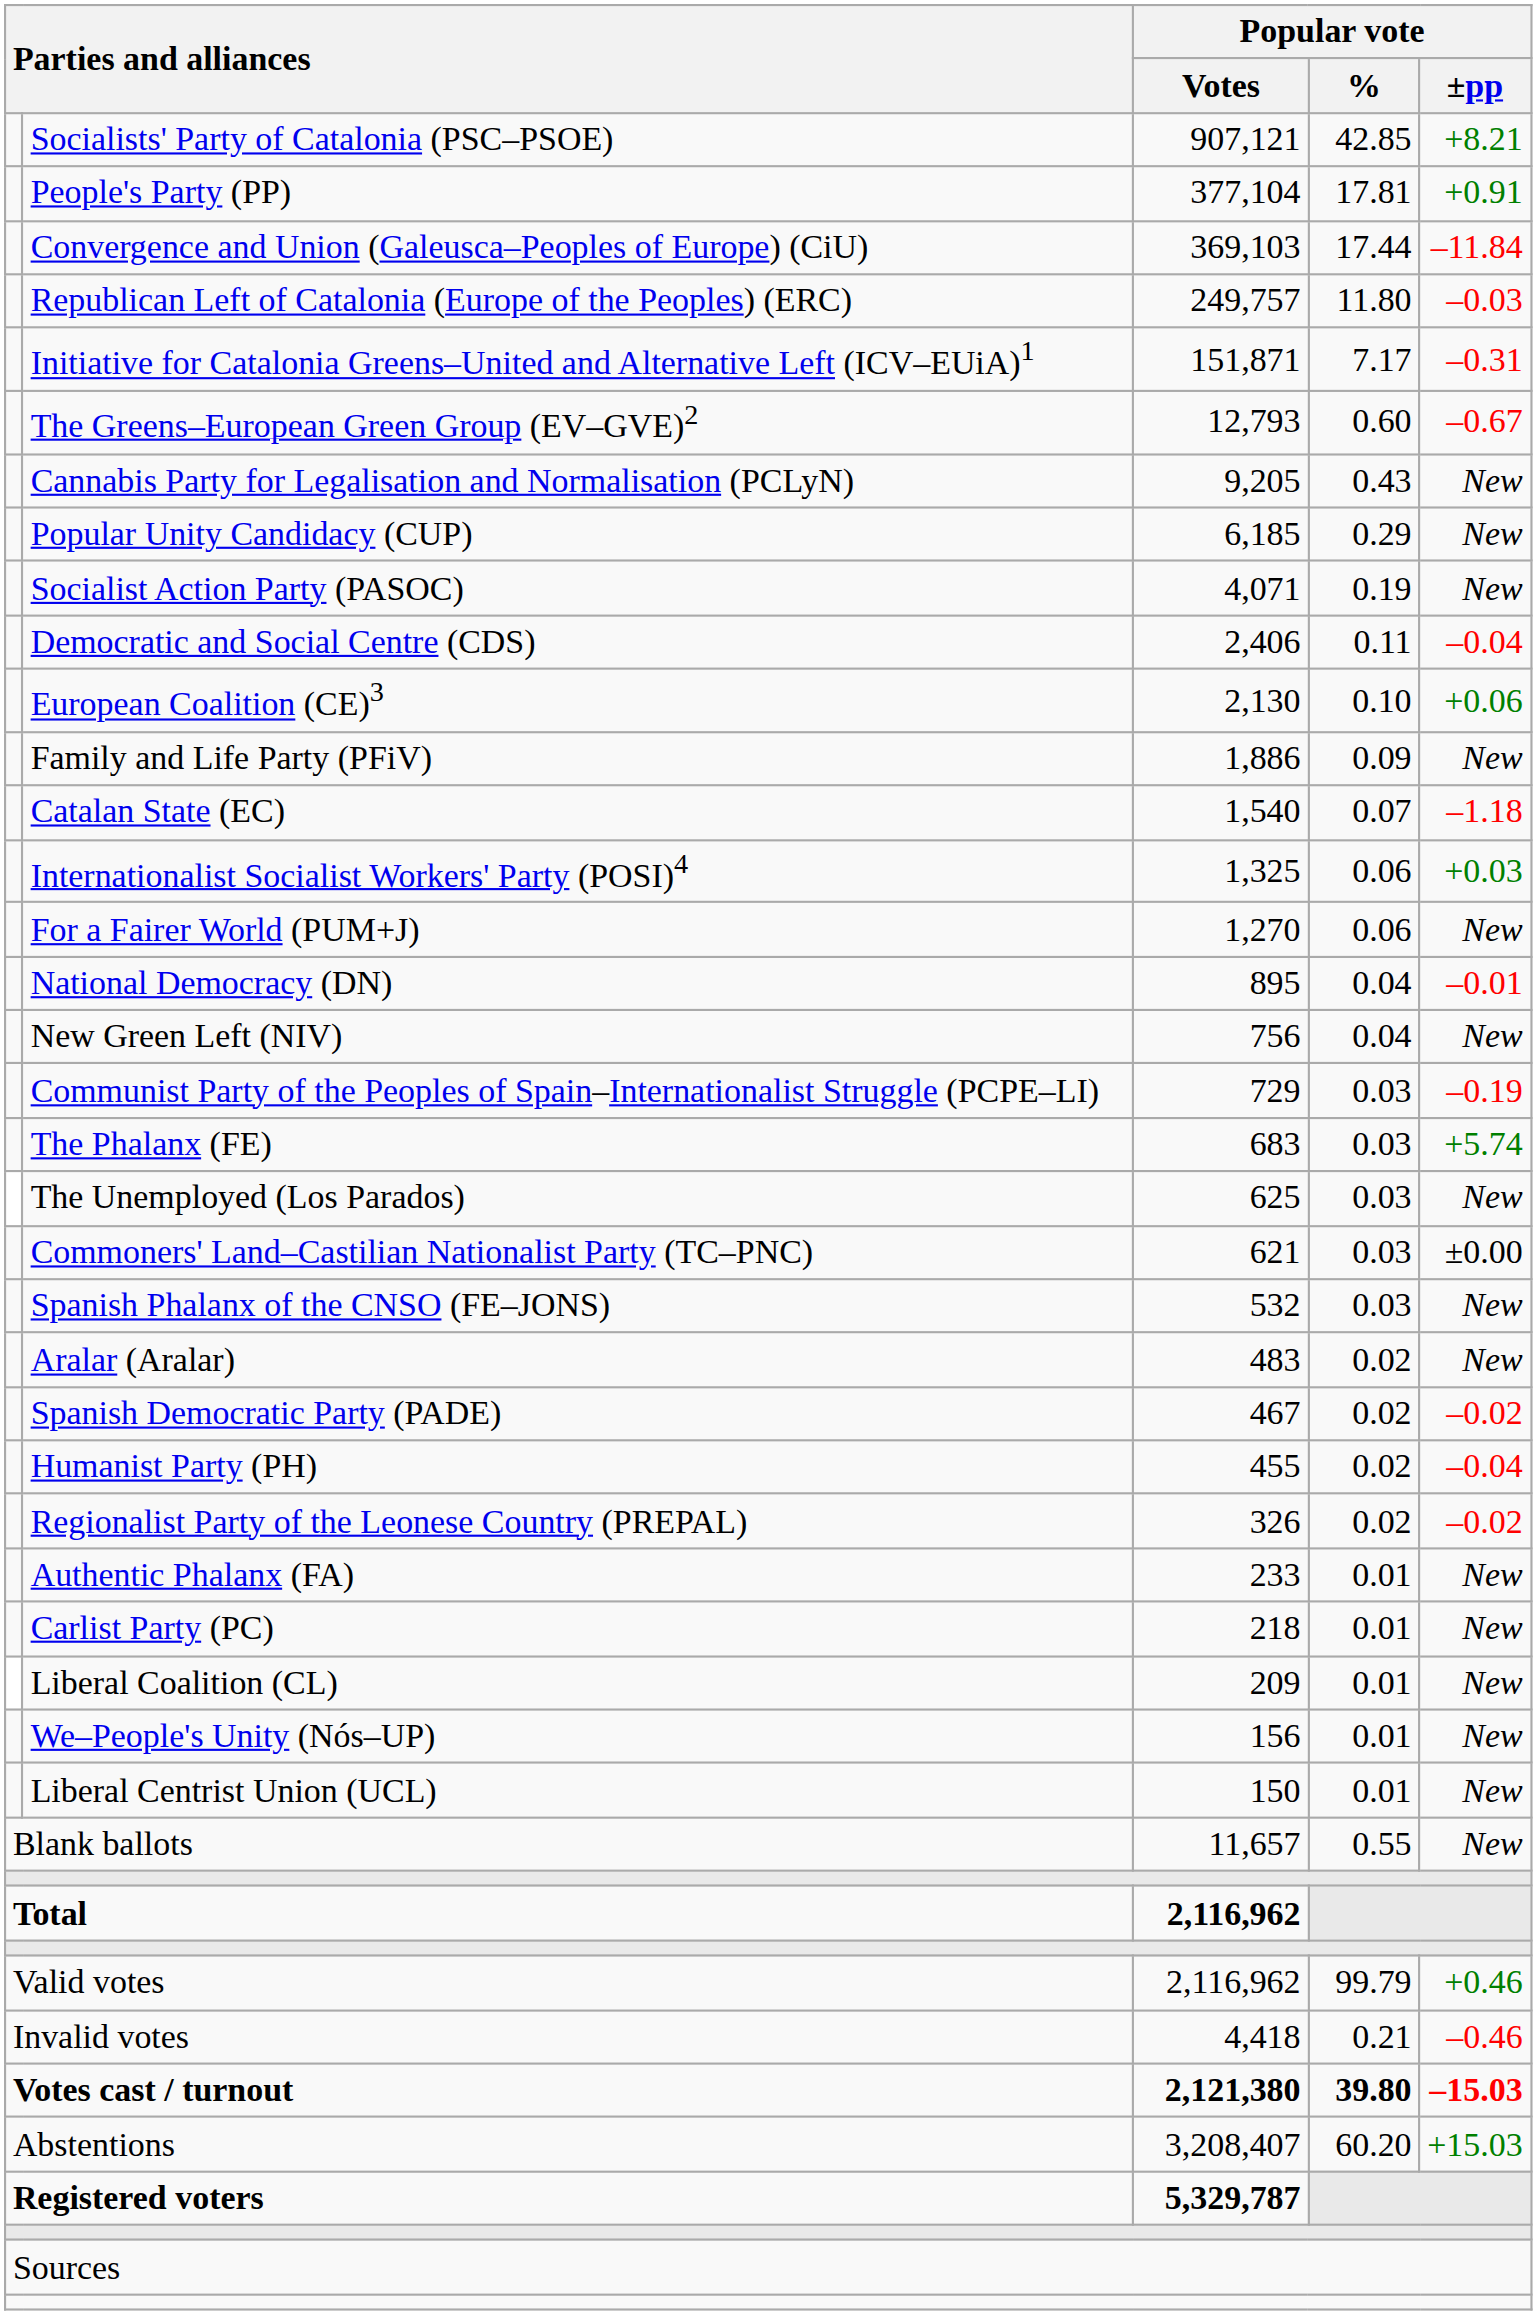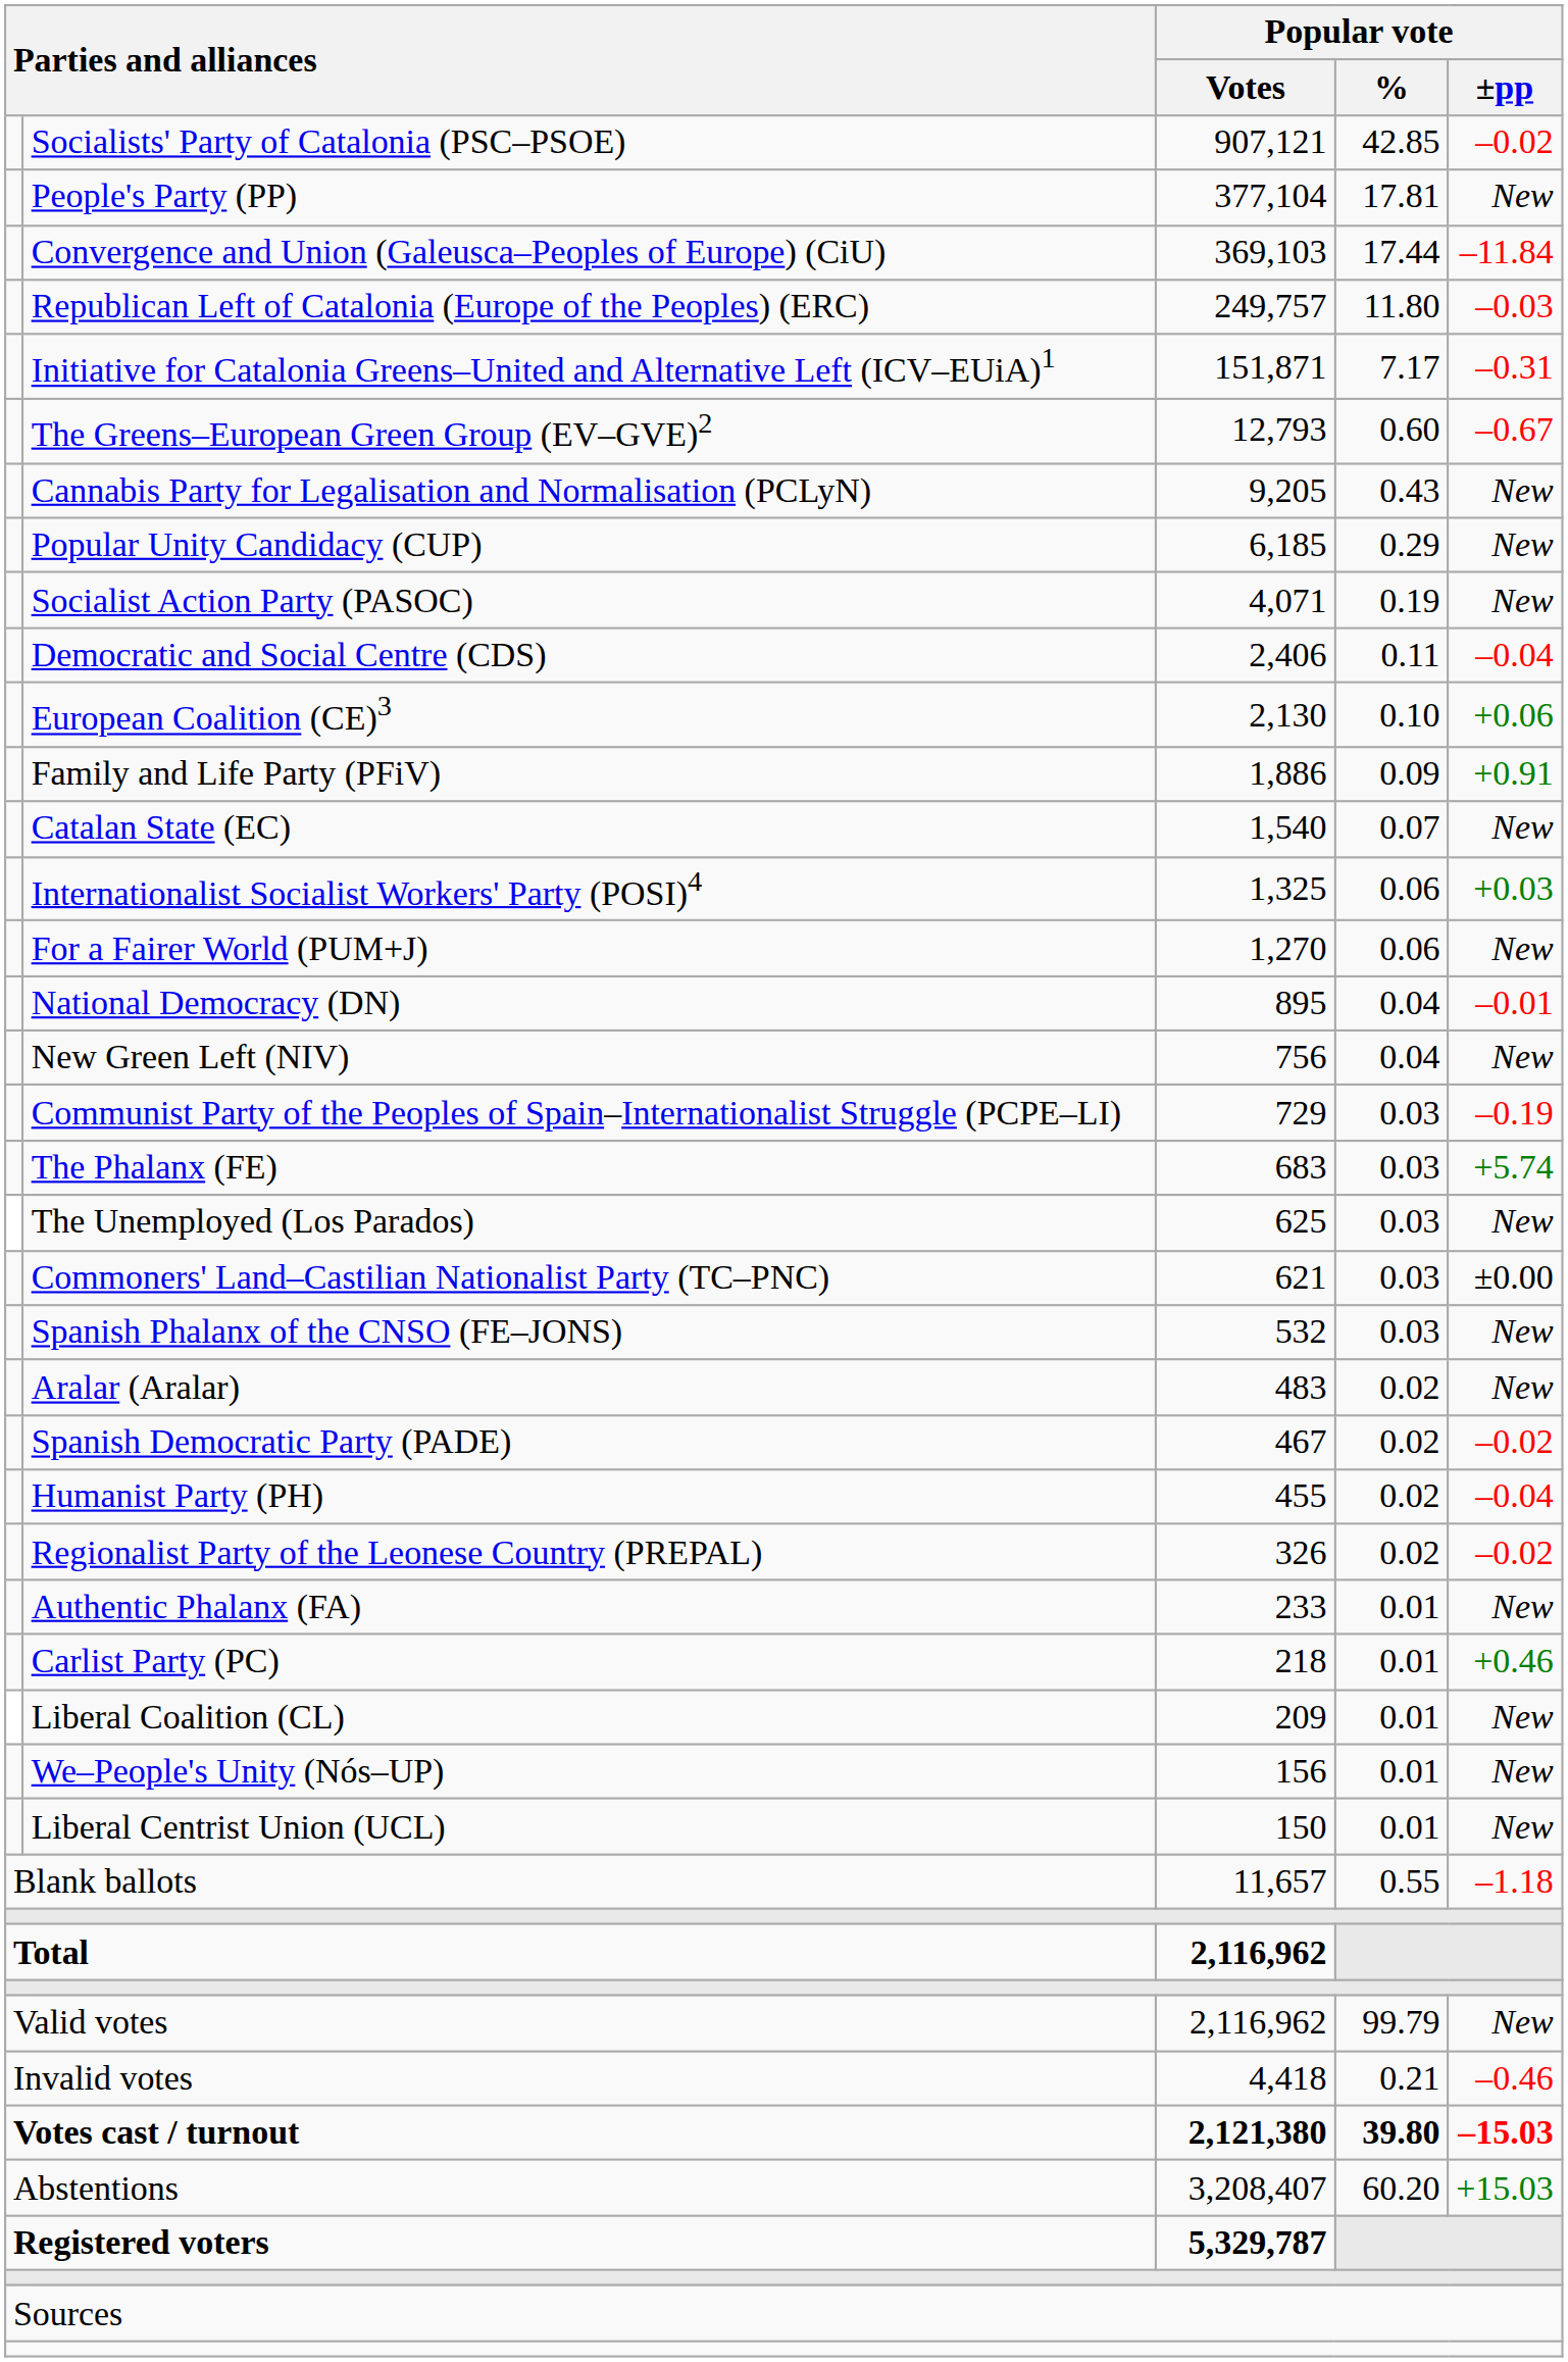 <table class="wikitable" style="text-align:right">
 <tr>
 <th style="text-align:left;" rowspan="2" colspan="2" width="525">Parties and alliances</th>
 <th colspan="3">Popular vote</th>
 </tr>
 <tr>
 <th width="75">Votes</th>
 <th width="45">%</th>
 <th width="45">±<a href='#'>pp</a></th>
 </tr>
 <tr>
 <td width="1" style="color:inherit;background:"></td>
 <td align="left"><a href='#'>Socialists' Party of Catalonia</a> (PSC–PSOE)</td>
 <td>907,121</td>
 <td>42.85</td>
-<td style="color:green;">+8.21</td>
+<td style="color:red;">–0.02</td>
 </tr>
 <tr>
 <td style="color:inherit;background:"></td>
 <td align="left"><a href='#'>People's Party</a> (PP)</td>
 <td>377,104</td>
 <td>17.81</td>
-<td style="color:green;">+0.91</td>
+<td><em>New</em></td>
 </tr>
 <tr>
 <td style="color:inherit;background:"></td>
 <td align="left"><a href='#'>Convergence and Union</a> (<a href='#'>Galeusca–Peoples of Europe</a>) (CiU)</td>
 <td>369,103</td>
 <td>17.44</td>
 <td style="color:red;">–11.84</td>
 </tr>
 <tr>
 <td style="color:inherit;background:"></td>
 <td align="left"><a href='#'>Republican Left of Catalonia</a> (<a href='#'>Europe of the Peoples</a>) (ERC)</td>
 <td>249,757</td>
 <td>11.80</td>
 <td style="color:red;">–0.03</td>
 </tr>
 <tr>
 <td style="color:inherit;background:"></td>
 <td align="left"><a href='#'>Initiative for Catalonia Greens–United and Alternative Left</a> (ICV–EUiA)<sup>1</sup></td>
 <td>151,871</td>
 <td>7.17</td>
 <td style="color:red;">–0.31</td>
 </tr>
 <tr>
 <td style="color:inherit;background:"></td>
 <td align="left"><a href='#'>The Greens–European Green Group</a> (EV–GVE)<sup>2</sup></td>
 <td>12,793</td>
 <td>0.60</td>
 <td style="color:red;">–0.67</td>
 </tr>
 <tr>
 <td style="color:inherit;background:"></td>
 <td align="left"><a href='#'>Cannabis Party for Legalisation and Normalisation</a> (PCLyN)</td>
 <td>9,205</td>
 <td>0.43</td>
 <td><em>New</em></td>
 </tr>
 <tr>
 <td style="color:inherit;background:"></td>
 <td align="left"><a href='#'>Popular Unity Candidacy</a> (CUP)</td>
 <td>6,185</td>
 <td>0.29</td>
 <td><em>New</em></td>
 </tr>
 <tr>
 <td style="color:inherit;background:"></td>
 <td align="left"><a href='#'>Socialist Action Party</a> (PASOC)</td>
 <td>4,071</td>
 <td>0.19</td>
 <td><em>New</em></td>
 </tr>
 <tr>
 <td style="color:inherit;background:"></td>
 <td align="left"><a href='#'>Democratic and Social Centre</a> (CDS)</td>
 <td>2,406</td>
 <td>0.11</td>
 <td style="color:red;">–0.04</td>
 </tr>
 <tr>
 <td style="color:inherit;background:"></td>
 <td align="left"><a href='#'>European Coalition</a> (CE)<sup>3</sup></td>
 <td>2,130</td>
 <td>0.10</td>
 <td style="color:green;">+0.06</td>
 </tr>
 <tr>
 <td style="color:inherit;background:"></td>
 <td align="left">Family and Life Party (PFiV)</td>
 <td>1,886</td>
 <td>0.09</td>
-<td><em>New</em></td>
+<td style="color:green;">+0.91</td>
 </tr>
 <tr>
 <td style="color:inherit;background:"></td>
 <td align="left"><a href='#'>Catalan State</a> (EC)</td>
 <td>1,540</td>
 <td>0.07</td>
-<td style="color:red;">–1.18</td>
+<td><em>New</em></td>
 </tr>
 <tr>
 <td style="color:inherit;background:"></td>
 <td align="left"><a href='#'>Internationalist Socialist Workers' Party</a> (POSI)<sup>4</sup></td>
 <td>1,325</td>
 <td>0.06</td>
 <td style="color:green;">+0.03</td>
 </tr>
 <tr>
 <td style="color:inherit;background:"></td>
 <td align="left"><a href='#'>For a Fairer World</a> (PUM+J)</td>
 <td>1,270</td>
 <td>0.06</td>
 <td><em>New</em></td>
 </tr>
 <tr>
 <td style="color:inherit;background:"></td>
 <td align="left"><a href='#'>National Democracy</a> (DN)</td>
 <td>895</td>
 <td>0.04</td>
 <td style="color:red;">–0.01</td>
 </tr>
 <tr>
 <td style="color:inherit;background:"></td>
 <td align="left">New Green Left (NIV)</td>
 <td>756</td>
 <td>0.04</td>
 <td><em>New</em></td>
 </tr>
 <tr>
 <td style="color:inherit;background:"></td>
 <td align="left"><a href='#'>Communist Party of the Peoples of Spain</a>–<a href='#'>Internationalist Struggle</a> (PCPE–LI)</td>
 <td>729</td>
 <td>0.03</td>
 <td style="color:red;">–0.19</td>
 </tr>
 <tr>
 <td style="color:inherit;background:"></td>
 <td align="left"><a href='#'>The Phalanx</a> (FE)</td>
 <td>683</td>
 <td>0.03</td>
 <td style="color:green;">+5.74</td>
 </tr>
 <tr>
 <td bgcolor="white"></td>
 <td align="left">The Unemployed (Los Parados)</td>
 <td>625</td>
 <td>0.03</td>
 <td><em>New</em></td>
 </tr>
 <tr>
 <td style="color:inherit;background:"></td>
 <td align="left"><a href='#'>Commoners' Land–Castilian Nationalist Party</a> (TC–PNC)</td>
 <td>621</td>
 <td>0.03</td>
 <td>±0.00</td>
 </tr>
 <tr>
 <td style="color:inherit;background:"></td>
 <td align="left"><a href='#'>Spanish Phalanx of the CNSO</a> (FE–JONS)</td>
 <td>532</td>
 <td>0.03</td>
 <td><em>New</em></td>
 </tr>
 <tr>
 <td style="color:inherit;background:"></td>
 <td align="left"><a href='#'>Aralar</a> (Aralar)</td>
 <td>483</td>
 <td>0.02</td>
 <td><em>New</em></td>
 </tr>
 <tr>
 <td style="color:inherit;background:"></td>
 <td align="left"><a href='#'>Spanish Democratic Party</a> (PADE)</td>
 <td>467</td>
 <td>0.02</td>
 <td style="color:red;">–0.02</td>
 </tr>
 <tr>
 <td style="color:inherit;background:"></td>
 <td align="left"><a href='#'>Humanist Party</a> (PH)</td>
 <td>455</td>
 <td>0.02</td>
 <td style="color:red;">–0.04</td>
 </tr>
 <tr>
 <td style="color:inherit;background:"></td>
 <td align="left"><a href='#'>Regionalist Party of the Leonese Country</a> (PREPAL)</td>
 <td>326</td>
 <td>0.02</td>
 <td style="color:red;">–0.02</td>
 </tr>
 <tr>
 <td style="color:inherit;background:"></td>
 <td align="left"><a href='#'>Authentic Phalanx</a> (FA)</td>
 <td>233</td>
 <td>0.01</td>
 <td><em>New</em></td>
 </tr>
 <tr>
 <td style="color:inherit;background:"></td>
 <td align="left"><a href='#'>Carlist Party</a> (PC)</td>
 <td>218</td>
 <td>0.01</td>
-<td><em>New</em></td>
+<td style="color:green;">+0.46</td>
 </tr>
 <tr>
 <td bgcolor="white"></td>
 <td align="left">Liberal Coalition (CL)</td>
 <td>209</td>
 <td>0.01</td>
 <td><em>New</em></td>
 </tr>
 <tr>
 <td style="color:inherit;background:"></td>
 <td align="left"><a href='#'>We–People's Unity</a> (Nós–UP)</td>
 <td>156</td>
 <td>0.01</td>
 <td><em>New</em></td>
 </tr>
 <tr>
 <td style="color:inherit;background:"></td>
 <td align="left">Liberal Centrist Union (UCL)</td>
 <td>150</td>
 <td>0.01</td>
 <td><em>New</em></td>
 </tr>
 <tr>
 <td align="left" colspan="2">Blank ballots</td>
 <td>11,657</td>
 <td>0.55</td>
-<td><em>New</em></td>
+<td style="color:red;">–1.18</td>
 </tr>
 <tr>
 <td colspan="5" bgcolor="#E9E9E9"></td>
 </tr>
 <tr style="font-weight:bold;">
 <td align="left" colspan="2">Total</td>
 <td>2,116,962</td>
 <td bgcolor="#E9E9E9" colspan="2"></td>
 </tr>
 <tr>
 <td colspan="5" bgcolor="#E9E9E9"></td>
 </tr>
 <tr>
 <td align="left" colspan="2">Valid votes</td>
 <td>2,116,962</td>
 <td>99.79</td>
-<td style="color:green;">+0.46</td>
+<td><em>New</em></td>
 </tr>
 <tr>
 <td align="left" colspan="2">Invalid votes</td>
 <td>4,418</td>
 <td>0.21</td>
 <td style="color:red;">–0.46</td>
 </tr>
 <tr style="font-weight:bold;">
 <td align="left" colspan="2">Votes cast / turnout</td>
 <td>2,121,380</td>
 <td>39.80</td>
 <td style="color:red;">–15.03</td>
 </tr>
 <tr>
 <td align="left" colspan="2">Abstentions</td>
 <td>3,208,407</td>
 <td>60.20</td>
 <td style="color:green;">+15.03</td>
 </tr>
 <tr style="font-weight:bold;">
 <td align="left" colspan="2">Registered voters</td>
 <td>5,329,787</td>
 <td bgcolor="#E9E9E9" colspan="2"></td>
 </tr>
 <tr>
 <td colspan="5" bgcolor="#E9E9E9"></td>
 </tr>
 <tr>
 <td align="left" colspan="5">Sources</td>
 </tr>
 <tr>
 <td colspan="5" style="text-align:left; max-width:680px;"></td>
 </tr>
 </table>
